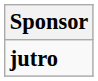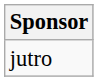 <table class="wikitable">
 <tr>
 <th>Sponsor</th>
 </tr>
 <tr>
-<td><strong>jutro</strong></td>
+<td>jutro</td>
 </tr>
 </table>
